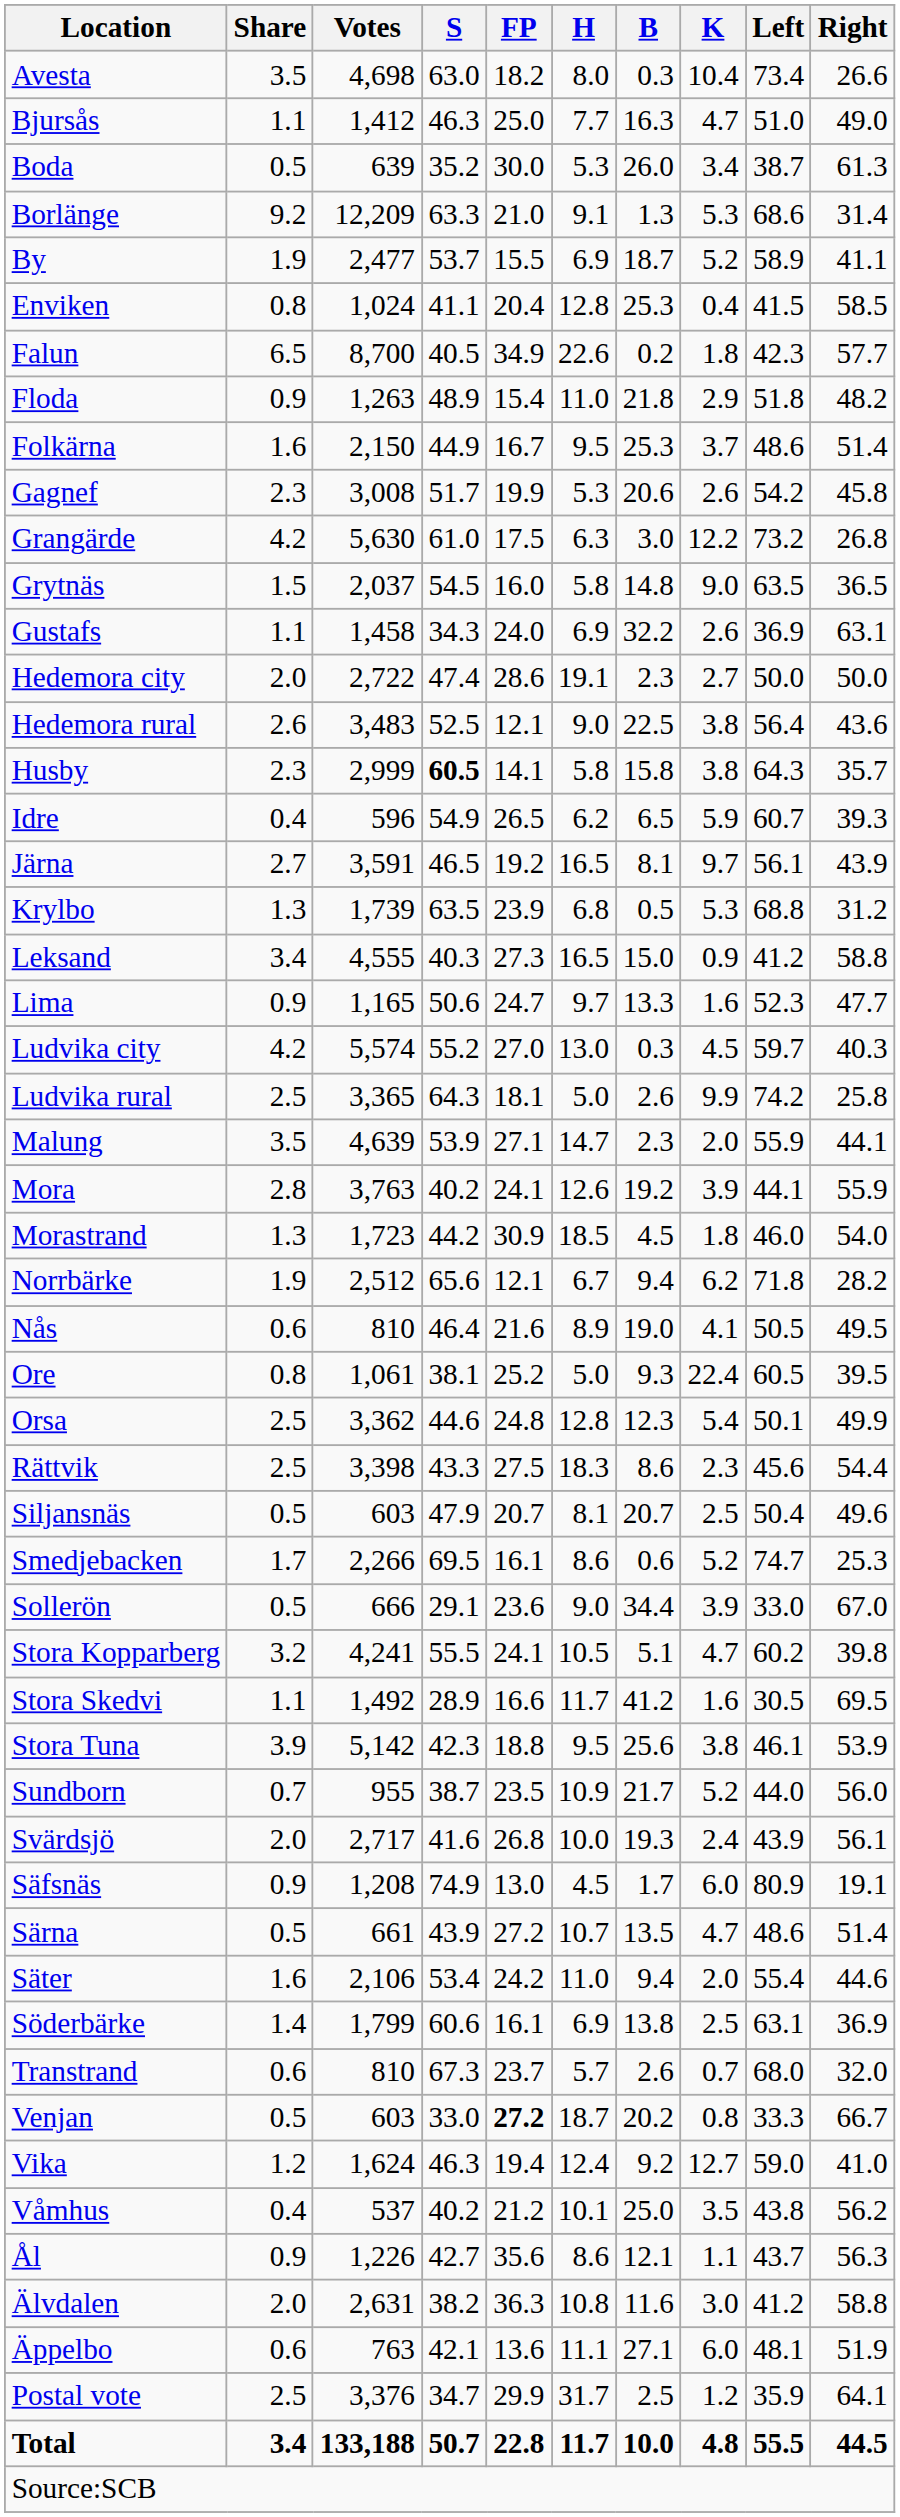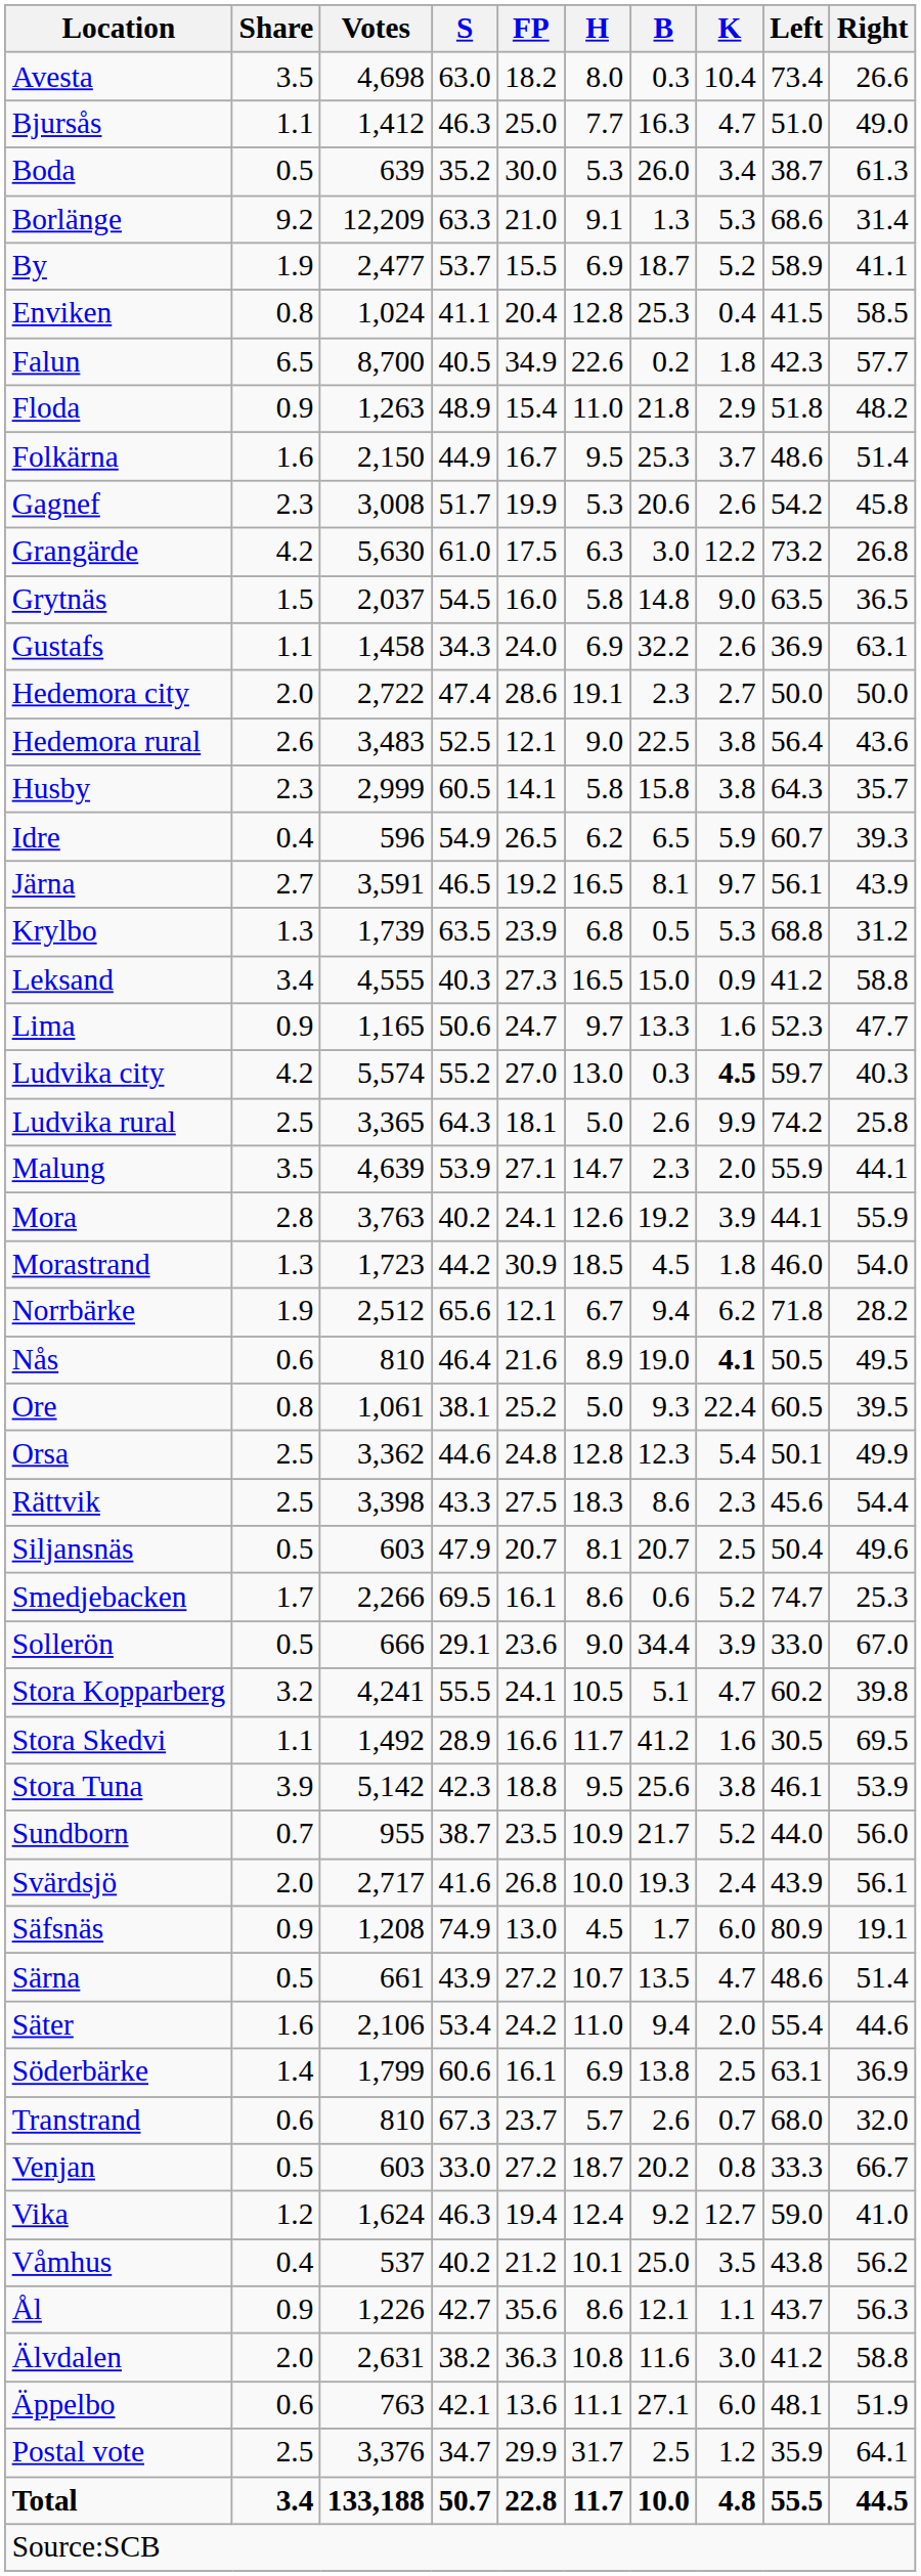 <table class="wikitable sortable" style=text-align:right>
 <tr>
 <th>Location</th>
 <th>Share</th>
 <th>Votes</th>
 <th><a href='#'>S</a></th>
 <th><a href='#'>FP</a></th>
 <th><a href='#'>H</a></th>
 <th><a href='#'>B</a></th>
 <th><a href='#'>K</a></th>
 <th>Left</th>
 <th>Right</th>
 </tr>
 <tr>
 <td align=left><a href='#'>Avesta</a></td>
 <td>3.5</td>
 <td>4,698</td>
 <td>63.0</td>
 <td>18.2</td>
 <td>8.0</td>
 <td>0.3</td>
 <td>10.4</td>
 <td>73.4</td>
 <td>26.6</td>
 </tr>
 <tr>
 <td align=left><a href='#'>Bjursås</a></td>
 <td>1.1</td>
 <td>1,412</td>
 <td>46.3</td>
 <td>25.0</td>
 <td>7.7</td>
 <td>16.3</td>
 <td>4.7</td>
 <td>51.0</td>
 <td>49.0</td>
 </tr>
 <tr>
 <td align=left><a href='#'>Boda</a></td>
 <td>0.5</td>
 <td>639</td>
 <td>35.2</td>
 <td>30.0</td>
 <td>5.3</td>
 <td>26.0</td>
 <td>3.4</td>
 <td>38.7</td>
 <td>61.3</td>
 </tr>
 <tr>
 <td align=left><a href='#'>Borlänge</a></td>
 <td>9.2</td>
 <td>12,209</td>
 <td>63.3</td>
 <td>21.0</td>
 <td>9.1</td>
 <td>1.3</td>
 <td>5.3</td>
 <td>68.6</td>
 <td>31.4</td>
 </tr>
 <tr>
 <td align=left><a href='#'>By</a></td>
 <td>1.9</td>
 <td>2,477</td>
 <td>53.7</td>
 <td>15.5</td>
 <td>6.9</td>
 <td>18.7</td>
 <td>5.2</td>
 <td>58.9</td>
 <td>41.1</td>
 </tr>
 <tr>
 <td align=left><a href='#'>Enviken</a></td>
 <td>0.8</td>
 <td>1,024</td>
 <td>41.1</td>
 <td>20.4</td>
 <td>12.8</td>
 <td>25.3</td>
 <td>0.4</td>
 <td>41.5</td>
 <td>58.5</td>
 </tr>
 <tr>
 <td align=left><a href='#'>Falun</a></td>
 <td>6.5</td>
 <td>8,700</td>
 <td>40.5</td>
 <td>34.9</td>
 <td>22.6</td>
 <td>0.2</td>
 <td>1.8</td>
 <td>42.3</td>
 <td>57.7</td>
 </tr>
 <tr>
 <td align=left><a href='#'>Floda</a></td>
 <td>0.9</td>
 <td>1,263</td>
 <td>48.9</td>
 <td>15.4</td>
 <td>11.0</td>
 <td>21.8</td>
 <td>2.9</td>
 <td>51.8</td>
 <td>48.2</td>
 </tr>
 <tr>
 <td align=left><a href='#'>Folkärna</a></td>
 <td>1.6</td>
 <td>2,150</td>
 <td>44.9</td>
 <td>16.7</td>
 <td>9.5</td>
 <td>25.3</td>
 <td>3.7</td>
 <td>48.6</td>
 <td>51.4</td>
 </tr>
 <tr>
 <td align=left><a href='#'>Gagnef</a></td>
 <td>2.3</td>
 <td>3,008</td>
 <td>51.7</td>
 <td>19.9</td>
 <td>5.3</td>
 <td>20.6</td>
 <td>2.6</td>
 <td>54.2</td>
 <td>45.8</td>
 </tr>
 <tr>
 <td align=left><a href='#'>Grangärde</a></td>
 <td>4.2</td>
 <td>5,630</td>
 <td>61.0</td>
 <td>17.5</td>
 <td>6.3</td>
 <td>3.0</td>
 <td>12.2</td>
 <td>73.2</td>
 <td>26.8</td>
 </tr>
 <tr>
 <td align=left><a href='#'>Grytnäs</a></td>
 <td>1.5</td>
 <td>2,037</td>
 <td>54.5</td>
 <td>16.0</td>
 <td>5.8</td>
 <td>14.8</td>
 <td>9.0</td>
 <td>63.5</td>
 <td>36.5</td>
 </tr>
 <tr>
 <td align=left><a href='#'>Gustafs</a></td>
 <td>1.1</td>
 <td>1,458</td>
 <td>34.3</td>
 <td>24.0</td>
 <td>6.9</td>
 <td>32.2</td>
 <td>2.6</td>
 <td>36.9</td>
 <td>63.1</td>
 </tr>
 <tr>
 <td align=left><a href='#'>Hedemora city</a></td>
 <td>2.0</td>
 <td>2,722</td>
 <td>47.4</td>
 <td>28.6</td>
 <td>19.1</td>
 <td>2.3</td>
 <td>2.7</td>
 <td>50.0</td>
 <td>50.0</td>
 </tr>
 <tr>
 <td align=left><a href='#'>Hedemora rural</a></td>
 <td>2.6</td>
 <td>3,483</td>
 <td>52.5</td>
 <td>12.1</td>
 <td>9.0</td>
 <td>22.5</td>
 <td>3.8</td>
 <td>56.4</td>
 <td>43.6</td>
 </tr>
 <tr>
 <td align=left><a href='#'>Husby</a></td>
 <td>2.3</td>
 <td>2,999</td>
-<td><strong>60.5</strong></td>
+<td>60.5</td>
 <td>14.1</td>
 <td>5.8</td>
 <td>15.8</td>
 <td>3.8</td>
 <td>64.3</td>
 <td>35.7</td>
 </tr>
 <tr>
 <td align=left><a href='#'>Idre</a></td>
 <td>0.4</td>
 <td>596</td>
 <td>54.9</td>
 <td>26.5</td>
 <td>6.2</td>
 <td>6.5</td>
 <td>5.9</td>
 <td>60.7</td>
 <td>39.3</td>
 </tr>
 <tr>
 <td align=left><a href='#'>Järna</a></td>
 <td>2.7</td>
 <td>3,591</td>
 <td>46.5</td>
 <td>19.2</td>
 <td>16.5</td>
 <td>8.1</td>
 <td>9.7</td>
 <td>56.1</td>
 <td>43.9</td>
 </tr>
 <tr>
 <td align=left><a href='#'>Krylbo</a></td>
 <td>1.3</td>
 <td>1,739</td>
 <td>63.5</td>
 <td>23.9</td>
 <td>6.8</td>
 <td>0.5</td>
 <td>5.3</td>
 <td>68.8</td>
 <td>31.2</td>
 </tr>
 <tr>
 <td align=left><a href='#'>Leksand</a></td>
 <td>3.4</td>
 <td>4,555</td>
 <td>40.3</td>
 <td>27.3</td>
 <td>16.5</td>
 <td>15.0</td>
 <td>0.9</td>
 <td>41.2</td>
 <td>58.8</td>
 </tr>
 <tr>
 <td align=left><a href='#'>Lima</a></td>
 <td>0.9</td>
 <td>1,165</td>
 <td>50.6</td>
 <td>24.7</td>
 <td>9.7</td>
 <td>13.3</td>
 <td>1.6</td>
 <td>52.3</td>
 <td>47.7</td>
 </tr>
 <tr>
 <td align=left><a href='#'>Ludvika city</a></td>
 <td>4.2</td>
 <td>5,574</td>
 <td>55.2</td>
 <td>27.0</td>
 <td>13.0</td>
 <td>0.3</td>
-<td>4.5</td>
+<td><strong>4.5</strong></td>
 <td>59.7</td>
 <td>40.3</td>
 </tr>
 <tr>
 <td align=left><a href='#'>Ludvika rural</a></td>
 <td>2.5</td>
 <td>3,365</td>
 <td>64.3</td>
 <td>18.1</td>
 <td>5.0</td>
 <td>2.6</td>
 <td>9.9</td>
 <td>74.2</td>
 <td>25.8</td>
 </tr>
 <tr>
 <td align=left><a href='#'>Malung</a></td>
 <td>3.5</td>
 <td>4,639</td>
 <td>53.9</td>
 <td>27.1</td>
 <td>14.7</td>
 <td>2.3</td>
 <td>2.0</td>
 <td>55.9</td>
 <td>44.1</td>
 </tr>
 <tr>
 <td align=left><a href='#'>Mora</a></td>
 <td>2.8</td>
 <td>3,763</td>
 <td>40.2</td>
 <td>24.1</td>
 <td>12.6</td>
 <td>19.2</td>
 <td>3.9</td>
 <td>44.1</td>
 <td>55.9</td>
 </tr>
 <tr>
 <td align=left><a href='#'>Morastrand</a></td>
 <td>1.3</td>
 <td>1,723</td>
 <td>44.2</td>
 <td>30.9</td>
 <td>18.5</td>
 <td>4.5</td>
 <td>1.8</td>
 <td>46.0</td>
 <td>54.0</td>
 </tr>
 <tr>
 <td align=left><a href='#'>Norrbärke</a></td>
 <td>1.9</td>
 <td>2,512</td>
 <td>65.6</td>
 <td>12.1</td>
 <td>6.7</td>
 <td>9.4</td>
 <td>6.2</td>
 <td>71.8</td>
 <td>28.2</td>
 </tr>
 <tr>
 <td align=left><a href='#'>Nås</a></td>
 <td>0.6</td>
 <td>810</td>
 <td>46.4</td>
 <td>21.6</td>
 <td>8.9</td>
 <td>19.0</td>
-<td>4.1</td>
+<td><strong>4.1</strong></td>
 <td>50.5</td>
 <td>49.5</td>
 </tr>
 <tr>
 <td align=left><a href='#'>Ore</a></td>
 <td>0.8</td>
 <td>1,061</td>
 <td>38.1</td>
 <td>25.2</td>
 <td>5.0</td>
 <td>9.3</td>
 <td>22.4</td>
 <td>60.5</td>
 <td>39.5</td>
 </tr>
 <tr>
 <td align=left><a href='#'>Orsa</a></td>
 <td>2.5</td>
 <td>3,362</td>
 <td>44.6</td>
 <td>24.8</td>
 <td>12.8</td>
 <td>12.3</td>
 <td>5.4</td>
 <td>50.1</td>
 <td>49.9</td>
 </tr>
 <tr>
 <td align=left><a href='#'>Rättvik</a></td>
 <td>2.5</td>
 <td>3,398</td>
 <td>43.3</td>
 <td>27.5</td>
 <td>18.3</td>
 <td>8.6</td>
 <td>2.3</td>
 <td>45.6</td>
 <td>54.4</td>
 </tr>
 <tr>
 <td align=left><a href='#'>Siljansnäs</a></td>
 <td>0.5</td>
 <td>603</td>
 <td>47.9</td>
 <td>20.7</td>
 <td>8.1</td>
 <td>20.7</td>
 <td>2.5</td>
 <td>50.4</td>
 <td>49.6</td>
 </tr>
 <tr>
 <td align=left><a href='#'>Smedjebacken</a></td>
 <td>1.7</td>
 <td>2,266</td>
 <td>69.5</td>
 <td>16.1</td>
 <td>8.6</td>
 <td>0.6</td>
 <td>5.2</td>
 <td>74.7</td>
 <td>25.3</td>
 </tr>
 <tr>
 <td align=left><a href='#'>Sollerön</a></td>
 <td>0.5</td>
 <td>666</td>
 <td>29.1</td>
 <td>23.6</td>
 <td>9.0</td>
 <td>34.4</td>
 <td>3.9</td>
 <td>33.0</td>
 <td>67.0</td>
 </tr>
 <tr>
 <td align=left><a href='#'>Stora Kopparberg</a></td>
 <td>3.2</td>
 <td>4,241</td>
 <td>55.5</td>
 <td>24.1</td>
 <td>10.5</td>
 <td>5.1</td>
 <td>4.7</td>
 <td>60.2</td>
 <td>39.8</td>
 </tr>
 <tr>
 <td align=left><a href='#'>Stora Skedvi</a></td>
 <td>1.1</td>
 <td>1,492</td>
 <td>28.9</td>
 <td>16.6</td>
 <td>11.7</td>
 <td>41.2</td>
 <td>1.6</td>
 <td>30.5</td>
 <td>69.5</td>
 </tr>
 <tr>
 <td align=left><a href='#'>Stora Tuna</a></td>
 <td>3.9</td>
 <td>5,142</td>
 <td>42.3</td>
 <td>18.8</td>
 <td>9.5</td>
 <td>25.6</td>
 <td>3.8</td>
 <td>46.1</td>
 <td>53.9</td>
 </tr>
 <tr>
 <td align=left><a href='#'>Sundborn</a></td>
 <td>0.7</td>
 <td>955</td>
 <td>38.7</td>
 <td>23.5</td>
 <td>10.9</td>
 <td>21.7</td>
 <td>5.2</td>
 <td>44.0</td>
 <td>56.0</td>
 </tr>
 <tr>
 <td align=left><a href='#'>Svärdsjö</a></td>
 <td>2.0</td>
 <td>2,717</td>
 <td>41.6</td>
 <td>26.8</td>
 <td>10.0</td>
 <td>19.3</td>
 <td>2.4</td>
 <td>43.9</td>
 <td>56.1</td>
 </tr>
 <tr>
 <td align=left><a href='#'>Säfsnäs</a></td>
 <td>0.9</td>
 <td>1,208</td>
 <td>74.9</td>
 <td>13.0</td>
 <td>4.5</td>
 <td>1.7</td>
 <td>6.0</td>
 <td>80.9</td>
 <td>19.1</td>
 </tr>
 <tr>
 <td align=left><a href='#'>Särna</a></td>
 <td>0.5</td>
 <td>661</td>
 <td>43.9</td>
 <td>27.2</td>
 <td>10.7</td>
 <td>13.5</td>
 <td>4.7</td>
 <td>48.6</td>
 <td>51.4</td>
 </tr>
 <tr>
 <td align=left><a href='#'>Säter</a></td>
 <td>1.6</td>
 <td>2,106</td>
 <td>53.4</td>
 <td>24.2</td>
 <td>11.0</td>
 <td>9.4</td>
 <td>2.0</td>
 <td>55.4</td>
 <td>44.6</td>
 </tr>
 <tr>
 <td align=left><a href='#'>Söderbärke</a></td>
 <td>1.4</td>
 <td>1,799</td>
 <td>60.6</td>
 <td>16.1</td>
 <td>6.9</td>
 <td>13.8</td>
 <td>2.5</td>
 <td>63.1</td>
 <td>36.9</td>
 </tr>
 <tr>
 <td align=left><a href='#'>Transtrand</a></td>
 <td>0.6</td>
 <td>810</td>
 <td>67.3</td>
 <td>23.7</td>
 <td>5.7</td>
 <td>2.6</td>
 <td>0.7</td>
 <td>68.0</td>
 <td>32.0</td>
 </tr>
 <tr>
 <td align=left><a href='#'>Venjan</a></td>
 <td>0.5</td>
 <td>603</td>
 <td>33.0</td>
-<td><strong>27.2</strong></td>
+<td>27.2</td>
 <td>18.7</td>
 <td>20.2</td>
 <td>0.8</td>
 <td>33.3</td>
 <td>66.7</td>
 </tr>
 <tr>
 <td align=left><a href='#'>Vika</a></td>
 <td>1.2</td>
 <td>1,624</td>
 <td>46.3</td>
 <td>19.4</td>
 <td>12.4</td>
 <td>9.2</td>
 <td>12.7</td>
 <td>59.0</td>
 <td>41.0</td>
 </tr>
 <tr>
 <td align=left><a href='#'>Våmhus</a></td>
 <td>0.4</td>
 <td>537</td>
 <td>40.2</td>
 <td>21.2</td>
 <td>10.1</td>
 <td>25.0</td>
 <td>3.5</td>
 <td>43.8</td>
 <td>56.2</td>
 </tr>
 <tr>
 <td align=left><a href='#'>Ål</a></td>
 <td>0.9</td>
 <td>1,226</td>
 <td>42.7</td>
 <td>35.6</td>
 <td>8.6</td>
 <td>12.1</td>
 <td>1.1</td>
 <td>43.7</td>
 <td>56.3</td>
 </tr>
 <tr>
 <td align=left><a href='#'>Älvdalen</a></td>
 <td>2.0</td>
 <td>2,631</td>
 <td>38.2</td>
 <td>36.3</td>
 <td>10.8</td>
 <td>11.6</td>
 <td>3.0</td>
 <td>41.2</td>
 <td>58.8</td>
 </tr>
 <tr>
 <td align=left><a href='#'>Äppelbo</a></td>
 <td>0.6</td>
 <td>763</td>
 <td>42.1</td>
 <td>13.6</td>
 <td>11.1</td>
 <td>27.1</td>
 <td>6.0</td>
 <td>48.1</td>
 <td>51.9</td>
 </tr>
 <tr>
 <td align=left><a href='#'>Postal vote</a></td>
 <td>2.5</td>
 <td>3,376</td>
 <td>34.7</td>
 <td>29.9</td>
 <td>31.7</td>
 <td>2.5</td>
 <td>1.2</td>
 <td>35.9</td>
 <td>64.1</td>
 </tr>
 <tr>
 <td align=left><strong>Total</strong></td>
 <td><strong>3.4</strong></td>
 <td><strong>133,188</strong></td>
 <td><strong>50.7</strong></td>
 <td><strong>22.8</strong></td>
 <td><strong>11.7</strong></td>
 <td><strong>10.0</strong></td>
 <td><strong>4.8</strong></td>
 <td><strong>55.5</strong></td>
 <td><strong>44.5</strong></td>
 </tr>
 <tr>
 <td align=left colspan=10>Source:SCB </td>
 </tr>
 </table>
